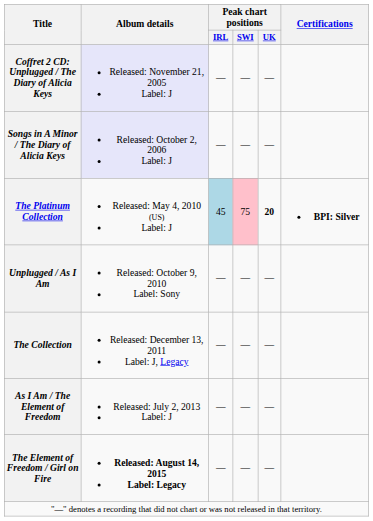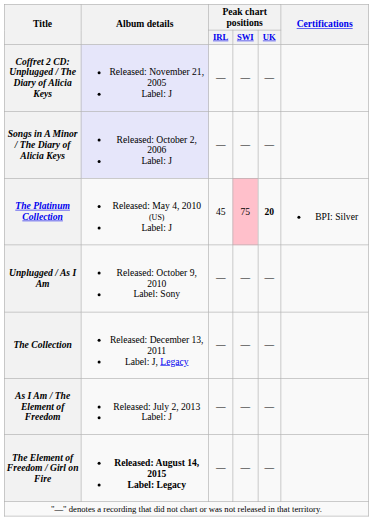 <table class="wikitable plainrowheaders" style="text-align:center;" border="1">
 <tr>
 <th scope="col" rowspan="2" style="width:11em;">Title</th>
 <th scope="col" rowspan="2" style="width:20em;">Album details</th>
 <th scope="col" colspan="3">Peak chart<br>positions</th>
 <th scope="col" rowspan="2" style="width:12em;"><a href='#'>Certifications</a></th>
 </tr>
 <tr>
 <th scope="col" style="width:3em;font-size:90%;"><a href='#'>IRL</a><br></th>
 <th scope="col" style="width:3em;font-size:90%;"><a href='#'>SWI</a><br></th>
 <th scope="col" style="width:3em;font-size:90%;"><a href='#'>UK</a><br></th>
 </tr>
 <tr>
 <th scope="row"><em>Coffret 2 CD: Unplugged / The Diary of Alicia Keys</em></th>
 <td style="background: lavender;"><br><ul><li>Released: November 21, 2005</li><li>Label: J</li></ul></td>
 <td>—</td>
 <td>—</td>
 <td>—</td>
 <td></td>
 </tr>
 <tr>
 <th scope="row"><em>Songs in A Minor / The Diary of Alicia Keys</em></th>
 <td style="background: lavender;"><br><ul><li>Released: October 2, 2006</li><li>Label: J</li></ul></td>
 <td>—</td>
 <td>—</td>
 <td>—</td>
 <td></td>
 </tr>
 <tr>
 <th scope="row"><em><a href='#'>The Platinum Collection</a></em></th>
 <td><br><ul><li>Released: May 4, 2010 <small>(US)</small></li><li>Label: J</li></ul></td>
-<td style="background: lightblue;">45</td>
+<td>45</td>
 <td style="background: pink;">75</td>
 <td><strong>20</strong></td>
-<td><strong><br><ul><li>BPI: Silver</li></ul></strong></td>
+<td><br><ul><li>BPI: Silver</li></ul></td>
 </tr>
 <tr>
 <th scope="row"><em>Unplugged / As I Am</em></th>
 <td><br><ul><li>Released: October 9, 2010</li><li>Label: Sony</li></ul></td>
 <td>—</td>
 <td>—</td>
 <td>—</td>
 <td></td>
 </tr>
 <tr>
 <th scope="row"><em>The Collection</em></th>
 <td><br><ul><li>Released: December 13, 2011</li><li>Label: J, <a href='#'>Legacy</a></li></ul></td>
 <td>—</td>
 <td>—</td>
 <td>—</td>
 <td></td>
 </tr>
 <tr>
 <th scope="row"><em>As I Am / The Element of Freedom</em></th>
 <td><br><ul><li>Released: July 2, 2013</li><li>Label: J</li></ul></td>
 <td>—</td>
 <td>—</td>
 <td>—</td>
 <td></td>
 </tr>
 <tr>
 <th scope="row"><em>The Element of Freedom / Girl on Fire</em></th>
 <td><strong><br><ul><li>Released: August 14, 2015</li><li>Label: Legacy</li></ul></strong></td>
 <td>—</td>
 <td>—</td>
 <td>—</td>
 <td></td>
 </tr>
 <tr>
 <td colspan="14" style="font-size:90%">"—" denotes a recording that did not chart or was not released in that territory.</td>
 </tr>
 </table>
